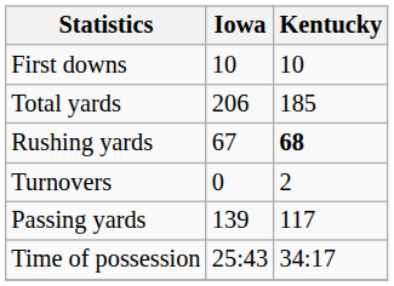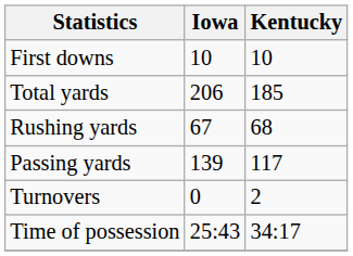 <table class="wikitable" style="float: left;">
 <tr>
 <th>Statistics</th>
 <th>Iowa</th>
 <th>Kentucky</th>
 </tr>
 <tr>
 <td>First downs</td>
 <td>10</td>
 <td>10</td>
 </tr>
 <tr>
 <td>Total yards</td>
 <td>206</td>
 <td>185</td>
 </tr>
 <tr>
 <td>Rushing yards</td>
 <td>67</td>
-<td><strong>68</strong></td>
+<td>68</td>
+</tr>
+<tr>
+<td>Passing yards</td>
+<td>139</td>
+<td>117</td>
 </tr>
 <tr>
 <td>Turnovers</td>
 <td>0</td>
 <td>2</td>
-</tr>
-<tr>
-<td>Passing yards</td>
-<td>139</td>
-<td>117</td>
 </tr>
 <tr>
 <td>Time of possession</td>
 <td>25:43</td>
 <td>34:17</td>
 </tr>
 <tr>
 </tr>
 </table>
